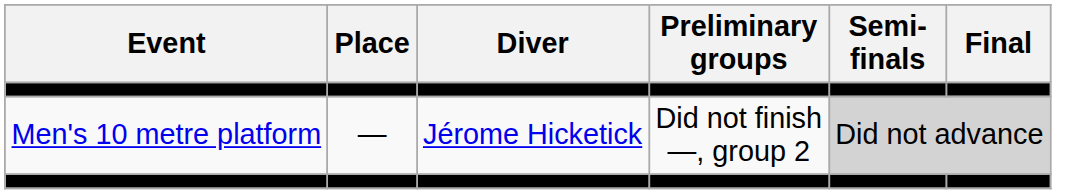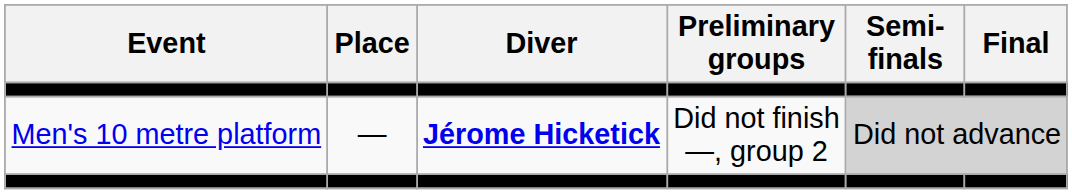 <table class=wikitable>
 <tr>
 <th>Event</th>
 <th>Place</th>
 <th>Diver</th>
 <th>Preliminary <br> groups</th>
 <th>Semi-<br>finals</th>
 <th>Final</th>
 </tr>
 <tr bgcolor=black>
 <td></td>
 <td></td>
 <td></td>
 <td></td>
 <td></td>
 <td></td>
 </tr>
 <tr align=center>
 <td align=left><a href='#'>Men's 10 metre platform</a></td>
 <td>—</td>
-<td align=left><a href='#'>Jérome Hicketick</a></td>
+<td align=left><strong><a href='#'>Jérome Hicketick</a></strong></td>
 <td>Did not finish <br> —, group 2</td>
 <td colspan=2 bgcolor=lightgray>Did not advance</td>
 </tr>
 <tr bgcolor=black>
 <td></td>
 <td></td>
 <td></td>
 <td></td>
 <td></td>
 <td></td>
 </tr>
 </table>
